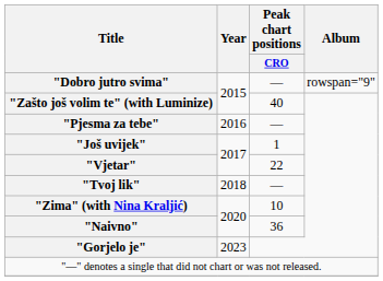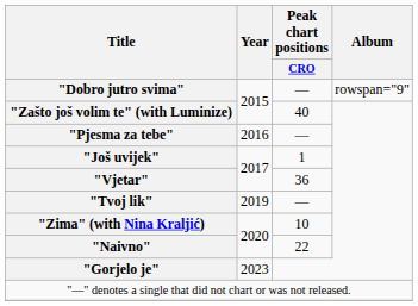 <table class="wikitable plainrowheaders" style="text-align:center;">
 <tr>
 <th scope="col" rowspan="2" style="width:16em;">Title</th>
 <th scope="col" rowspan="2" style="width:1em;">Year</th>
 <th scope="col" colspan="1">Peak chart positions</th>
 <th scope="col" rowspan="2">Album</th>
 </tr>
 <tr>
 <th scope="col" style="width:3em;font-size:85%;"><a href='#'>CRO</a><br></th>
 </tr>
 <tr>
 <th scope="row">"Dobro jutro svima"</th>
 <td rowspan="2">2015</td>
 <td>—</td>
 <td>rowspan="9" </td>
 </tr>
 <tr>
 <th scope="row">"Zašto još volim te"<span> (with Luminize)</span></th>
 <td>40</td>
 </tr>
 <tr>
 <th scope="row">"Pjesma za tebe"</th>
 <td rowspan="1">2016</td>
 <td>—</td>
 </tr>
 <tr>
 <th scope="row">"Još uvijek"</th>
 <td rowspan="2">2017</td>
 <td>1</td>
 </tr>
 <tr>
 <th scope="row">"Vjetar"</th>
-<td>22</td>
+<td>36</td>
 </tr>
 <tr>
 <th scope="row">"Tvoj lik"</th>
-<td rowspan="1">2018</td>
+<td rowspan="1">2019</td>
 <td>—</td>
 </tr>
 <tr>
 <th scope="row">"Zima"<span> (with <a href='#'>Nina Kraljić</a>)</span></th>
 <td rowspan="2">2020</td>
 <td>10</td>
 </tr>
 <tr>
 <th scope="row">"Naivno"</th>
-<td>36</td>
+<td>22</td>
 </tr>
 <tr>
 <th scope="row">"Gorjelo je"</th>
 <td>2023</td>
 </tr>
 <tr>
 <td colspan="20" style="text-align:center; font-size:85%;">"—" denotes a single that did not chart or was not released.</td>
 </tr>
 <tr>
 </tr>
 </table>
